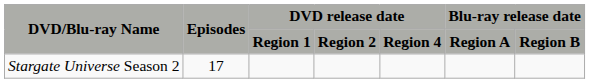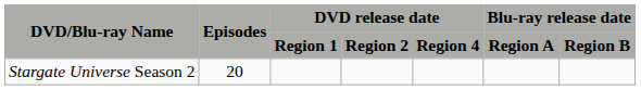 <table class="wikitable" style="text-align: center;">
 <tr>
 <th rowspan="2" style="background:#acada8;">DVD/Blu-ray Name</th>
 <th rowspan="2" style="background:#acada8;">Episodes</th>
 <th colspan="3" style="background:#acada8;">DVD release date</th>
 <th colspan="2" style="background:#acada8;">Blu-ray release date</th>
 </tr>
 <tr>
 <th style="background:#acada8;">Region 1</th>
 <th style="background:#acada8;">Region 2</th>
 <th style="background:#acada8;">Region 4</th>
 <th style="background:#acada8;">Region A</th>
 <th style="background:#acada8;">Region B</th>
 </tr>
 <tr>
 <td align="left"><em>Stargate Universe</em> Season 2</td>
-<td>17</td>
+<td>20</td>
 <td></td>
 <td></td>
 <td></td>
 <td></td>
 <td></td>
 </tr>
 </table>
